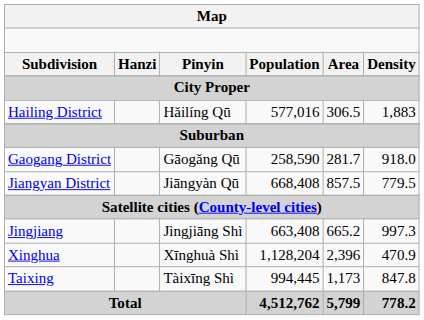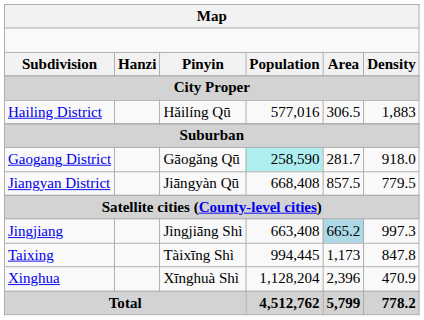 <table class="wikitable">
 <tr>
 <th colspan="6">Map</th>
 </tr>
 <tr>
 <td colspan="6"><div><br>         </div></td>
 </tr>
 <tr>
 <th align=left>Subdivision</th>
 <th align=left>Hanzi</th>
 <th align=left>Pinyin</th>
 <th align=left>Population </th>
 <th align=left>Area </th>
 <th align=left>Density</th>
 </tr>
 <tr>
 </tr>
 <tr style="background:#d3d3d3;">
 <td colspan="6"  style="text-align:center; "><strong>City Proper</strong></td>
 </tr>
 <tr>
 <td align=left><a href='#'>Hailing District</a></td>
 <td align=left></td>
 <td align=left>Hǎilíng Qū</td>
 <td align=right>577,016</td>
 <td align=right>306.5</td>
 <td align=right>1,883</td>
 </tr>
 <tr>
 </tr>
 <tr style="background:#d3d3d3;">
 <td colspan="6"  style="text-align:center; "><strong>Suburban</strong></td>
 </tr>
 <tr>
 <td align=left><a href='#'>Gaogang District</a></td>
 <td align=left></td>
 <td align=left>Gāogǎng Qū</td>
-<td align=right>258,590</td>
+<td align=right style="background: paleturquoise;">258,590</td>
 <td align=right>281.7</td>
 <td align=right>918.0</td>
 </tr>
 <tr>
 <td align=left><a href='#'>Jiangyan District</a></td>
 <td align=left></td>
 <td align=left>Jiāngyàn Qū</td>
 <td align=right>668,408</td>
 <td align=right>857.5</td>
 <td align=right>779.5</td>
 </tr>
 <tr>
 </tr>
 <tr style="background:#d3d3d3;">
 <td colspan="6"  style="text-align:center; "><strong>Satellite cities (<a href='#'>County-level cities</a>)</strong></td>
 </tr>
 <tr>
 <td align=left><a href='#'>Jingjiang</a></td>
 <td align=left></td>
 <td align=left>Jìngjiāng Shì</td>
 <td align=right>663,408</td>
-<td align=right>665.2</td>
+<td align=right style="background: lightblue;">665.2</td>
 <td align=right>997.3</td>
+</tr>
+<tr>
+<td align=left><a href='#'>Taixing</a></td>
+<td align=left></td>
+<td align=left>Tàixīng Shì</td>
+<td align=right>994,445</td>
+<td align=right>1,173</td>
+<td align=right>847.8</td>
 </tr>
 <tr>
 <td align=left><a href='#'>Xinghua</a></td>
 <td align=left></td>
 <td align=left>Xīnghuà Shì</td>
 <td align=right>1,128,204</td>
 <td align=right>2,396</td>
 <td align=right>470.9</td>
 </tr>
-<tr>
-<td align=left><a href='#'>Taixing</a></td>
-<td align=left></td>
-<td align=left>Tàixīng Shì</td>
-<td align=right>994,445</td>
-<td align=right>1,173</td>
-<td align=right>847.8</td>
-</tr>
 <tr style="background:#d3d3d3;">
 <td colspan=3 style="text-align:center; "><strong>Total</strong></td>
 <td align=right><strong>4,512,762</strong></td>
 <td align=right><strong>5,799</strong></td>
 <td align=right><strong>778.2</strong></td>
 </tr>
 </table>
